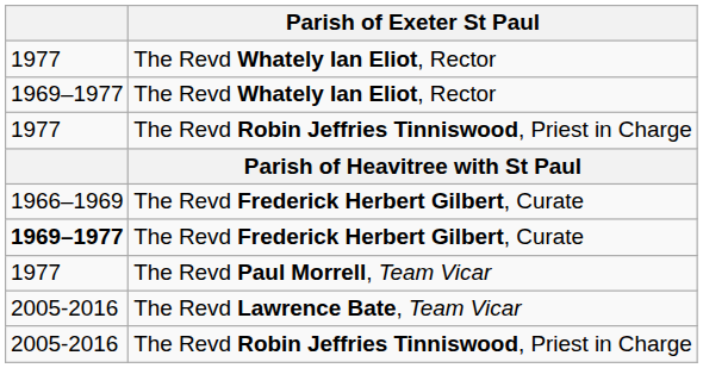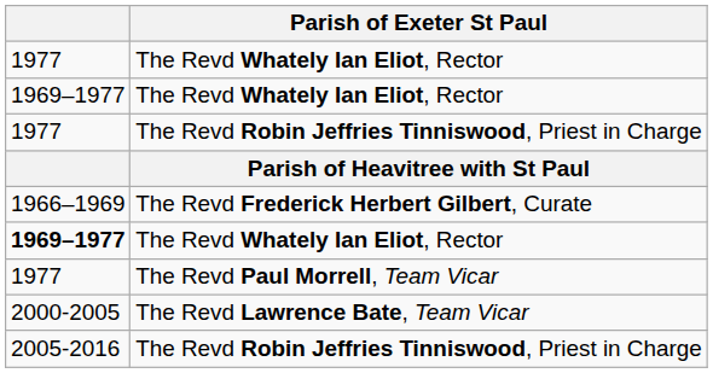 <table class="wikitable">
 <tr>
 <th></th>
 <th>Parish of Exeter St Paul</th>
 </tr>
 <tr>
 <td>1977</td>
 <td>The Revd <strong>Whately Ian Eliot</strong>, Rector</td>
 </tr>
 <tr>
 <td>1969–1977</td>
 <td>The Revd <strong>Whately Ian Eliot</strong>, Rector</td>
 </tr>
 <tr>
 <td>1977</td>
 <td>The Revd <strong>Robin Jeffries Tinniswood</strong>, Priest in Charge</td>
 </tr>
 <tr>
 <th></th>
 <th>Parish of Heavitree with St Paul</th>
 </tr>
 <tr>
 <td>1966–1969</td>
 <td>The Revd <strong>Frederick Herbert Gilbert</strong>, Curate</td>
 </tr>
 <tr>
 <td><strong>1969–1977</strong></td>
-<td>The Revd <strong>Frederick Herbert Gilbert</strong>, Curate</td>
+<td>The Revd <strong>Whately Ian Eliot</strong>, Rector</td>
 </tr>
 <tr>
 <td>1977</td>
 <td>The Revd <strong>Paul Morrell</strong>, <em>Team Vicar</em></td>
 </tr>
 <tr>
-<td>2005-2016</td>
+<td>2000-2005</td>
 <td>The Revd <strong>Lawrence Bate</strong>, <em>Team Vicar</em></td>
 </tr>
 <tr>
 <td>2005-2016</td>
 <td>The Revd <strong>Robin Jeffries Tinniswood</strong>, Priest in Charge</td>
 </tr>
 </table>
